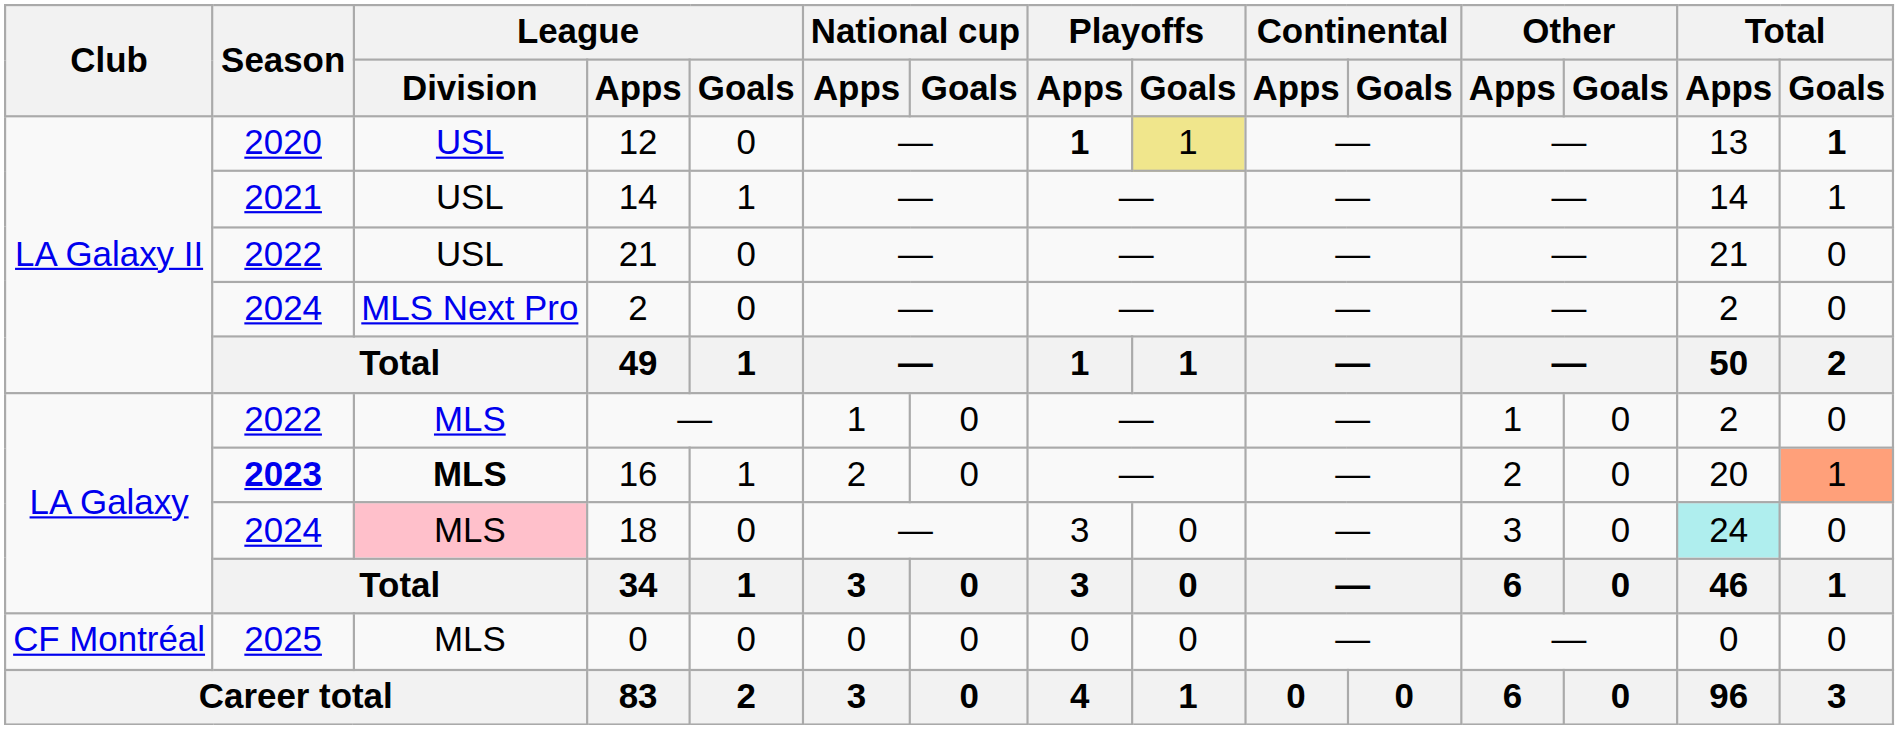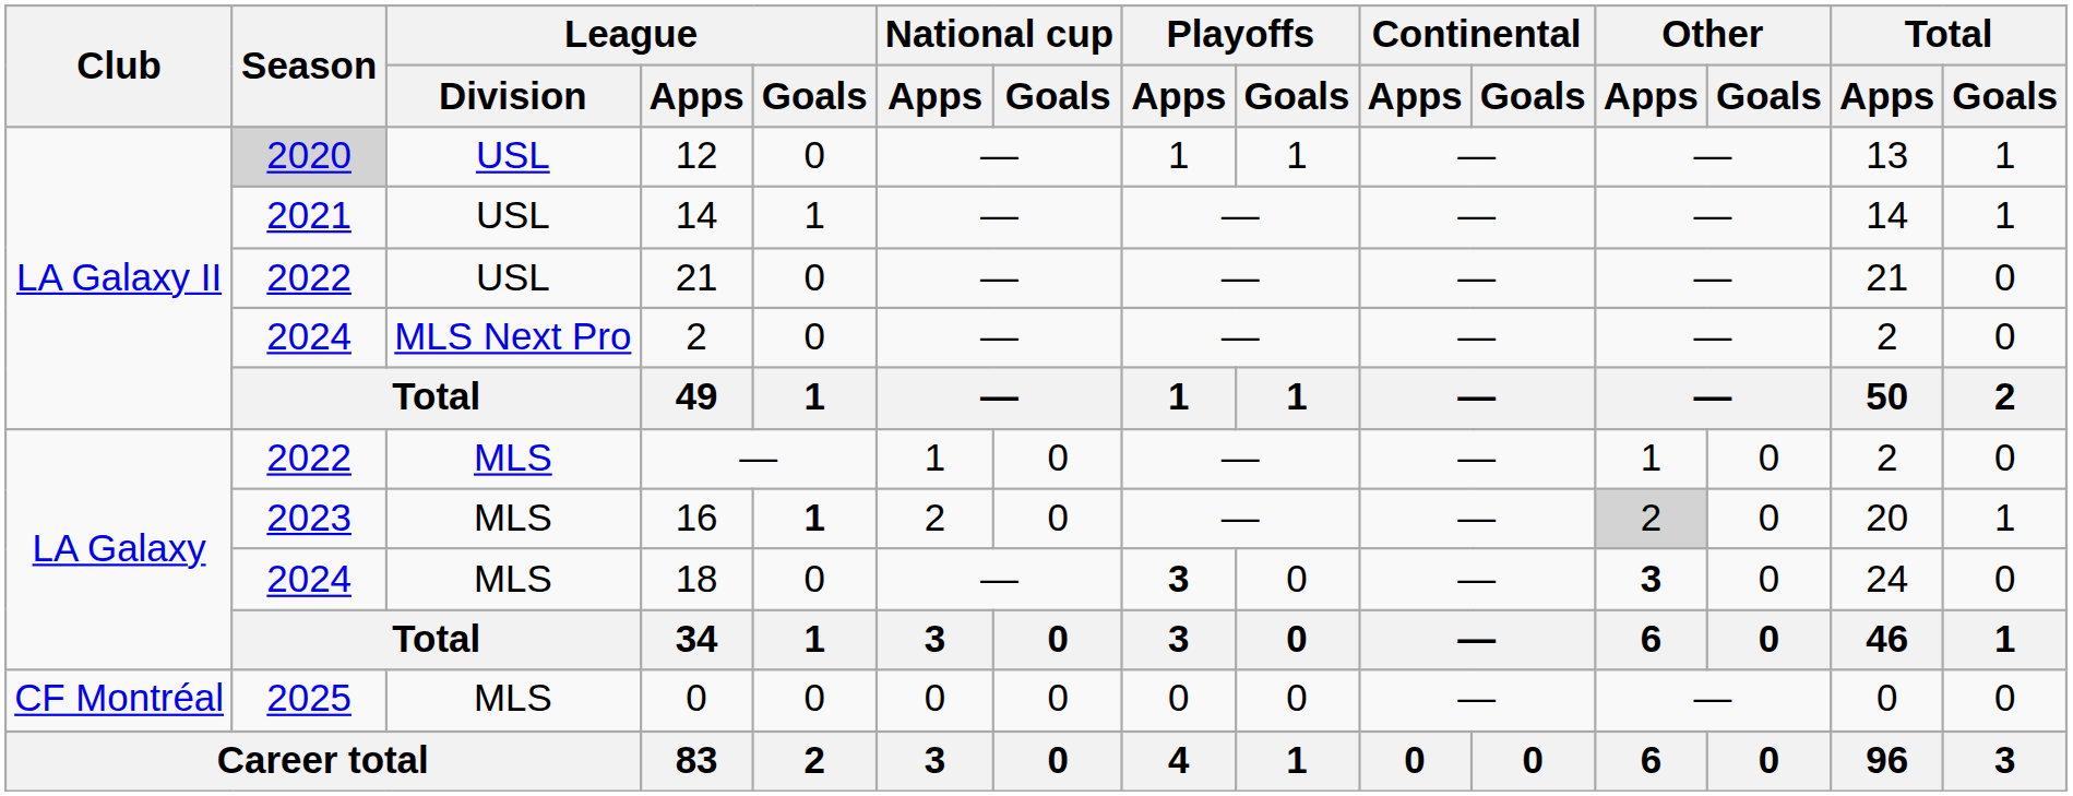 <table class="wikitable" style="text-align:center">
 <tr>
 <th rowspan="2">Club</th>
 <th rowspan="2">Season</th>
 <th colspan="3">League</th>
 <th colspan="2">National cup</th>
 <th colspan="2">Playoffs</th>
 <th colspan="2">Continental</th>
 <th colspan="2">Other</th>
 <th colspan="2">Total</th>
 </tr>
 <tr>
 <th>Division</th>
 <th>Apps</th>
 <th>Goals</th>
 <th>Apps</th>
 <th>Goals</th>
 <th>Apps</th>
 <th>Goals</th>
 <th>Apps</th>
 <th>Goals</th>
 <th>Apps</th>
 <th>Goals</th>
 <th>Apps</th>
 <th>Goals</th>
 </tr>
 <tr>
 <td rowspan="5"><a href='#'>LA Galaxy II</a></td>
-<td><a href='#'>2020</a></td>
+<td style="background: lightgrey;"><a href='#'>2020</a></td>
 <td><a href='#'>USL</a></td>
 <td>12</td>
 <td>0</td>
 <td colspan="2">—</td>
-<td><strong>1</strong></td>
-<td style="background: khaki;">1</td>
+<td>1</td>
+<td>1</td>
 <td colspan="2">—</td>
 <td colspan="2">—</td>
 <td>13</td>
-<td><strong>1</strong></td>
+<td>1</td>
 </tr>
 <tr>
 <td><a href='#'>2021</a></td>
 <td>USL</td>
 <td>14</td>
 <td>1</td>
 <td colspan="2">—</td>
 <td colspan="2">—</td>
 <td colspan="2">—</td>
 <td colspan="2">—</td>
 <td>14</td>
 <td>1</td>
 </tr>
 <tr>
 <td><a href='#'>2022</a></td>
 <td>USL</td>
 <td>21</td>
 <td>0</td>
 <td colspan="2">—</td>
 <td colspan="2">—</td>
 <td colspan="2">—</td>
 <td colspan="2">—</td>
 <td>21</td>
 <td>0</td>
 </tr>
 <tr>
 <td><a href='#'>2024</a></td>
 <td><a href='#'>MLS Next Pro</a></td>
 <td>2</td>
 <td>0</td>
 <td colspan="2">—</td>
 <td colspan="2">—</td>
 <td colspan="2">—</td>
 <td colspan="2">—</td>
 <td>2</td>
 <td>0</td>
 </tr>
 <tr>
 <th colspan="2">Total</th>
 <th>49</th>
 <th>1</th>
 <th colspan="2">—</th>
 <th>1</th>
 <th>1</th>
 <th colspan="2">—</th>
 <th colspan="2">—</th>
 <th>50</th>
 <th>2</th>
 </tr>
 <tr>
 <td rowspan="4"><a href='#'>LA Galaxy</a></td>
 <td><a href='#'>2022</a></td>
 <td><a href='#'>MLS</a></td>
 <td colspan="2">—</td>
 <td>1</td>
 <td>0</td>
 <td colspan="2">—</td>
 <td colspan="2">—</td>
 <td>1</td>
 <td>0</td>
 <td>2</td>
 <td>0</td>
 </tr>
 <tr>
-<td><strong><a href='#'>2023</a></strong></td>
-<td><strong>MLS</strong></td>
+<td><a href='#'>2023</a></td>
+<td>MLS</td>
 <td>16</td>
-<td>1</td>
+<td><strong>1</strong></td>
 <td>2</td>
 <td>0</td>
 <td colspan="2">—</td>
 <td colspan="2">—</td>
-<td>2</td>
+<td style="background: lightgrey;">2</td>
 <td>0</td>
 <td>20</td>
-<td style="background: lightsalmon;">1</td>
+<td>1</td>
 </tr>
 <tr>
 <td><a href='#'>2024</a></td>
-<td style="background: pink;">MLS</td>
+<td>MLS</td>
 <td>18</td>
 <td>0</td>
 <td colspan="2">—</td>
-<td>3</td>
+<td><strong>3</strong></td>
 <td>0</td>
 <td colspan="2">—</td>
-<td>3</td>
+<td><strong>3</strong></td>
 <td>0</td>
-<td style="background: paleturquoise;">24</td>
+<td>24</td>
 <td>0</td>
 </tr>
 <tr>
 <th colspan="2">Total</th>
 <th>34</th>
 <th>1</th>
 <th>3</th>
 <th>0</th>
 <th>3</th>
 <th>0</th>
 <th colspan="2">—</th>
 <th>6</th>
 <th>0</th>
 <th>46</th>
 <th>1</th>
 </tr>
 <tr>
 <td rowspan="1"><a href='#'>CF Montréal</a></td>
 <td><a href='#'>2025</a></td>
 <td>MLS</td>
 <td>0</td>
 <td>0</td>
 <td>0</td>
 <td>0</td>
 <td>0</td>
 <td>0</td>
 <td colspan="2">—</td>
 <td colspan="2">—</td>
 <td>0</td>
 <td>0</td>
 </tr>
 <tr>
 <th colspan="3">Career total</th>
 <th>83</th>
 <th>2</th>
 <th>3</th>
 <th>0</th>
 <th>4</th>
 <th>1</th>
 <th>0</th>
 <th>0</th>
 <th>6</th>
 <th>0</th>
 <th>96</th>
 <th>3</th>
 </tr>
 </table>
